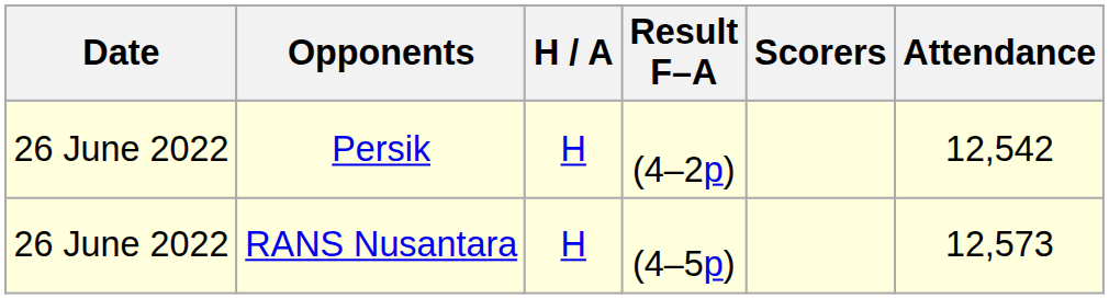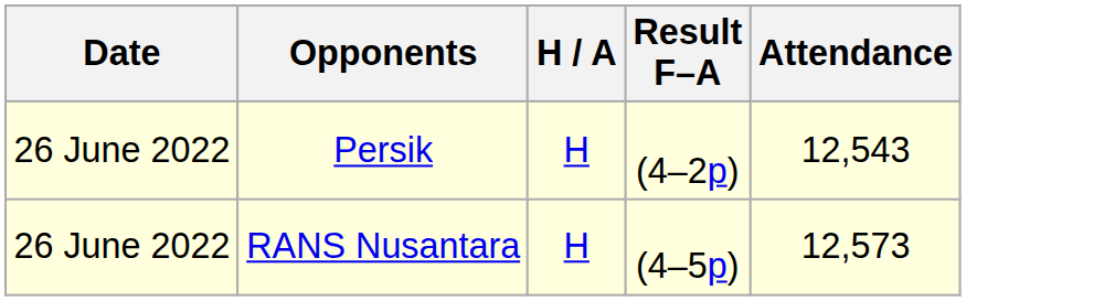 <table class="wikitable" style="text-align:center">
 <tr>
 <th>Date</th>
 <th>Opponents</th>
 <th>H / A</th>
 <th>Result<br>F–A</th>
-<th>Scorers</th>
 <th>Attendance</th>
 </tr>
 <tr style="background:#ffffdd">
 <td>26 June 2022</td>
 <td><a href='#'>Persik</a></td>
 <td><a href='#'>H</a></td>
 <td><br>(4–2<a href='#'>p</a>)</td>
-<td></td>
-<td>12,542</td>
+<td>12,543</td>
 </tr>
 <tr style="background:#ffffdd">
 <td>26 June 2022</td>
 <td><a href='#'>RANS Nusantara</a></td>
 <td><a href='#'>H</a></td>
 <td><br>(4–5<a href='#'>p</a>)</td>
-<td></td>
 <td>12,573</td>
 </tr>
 </table>
